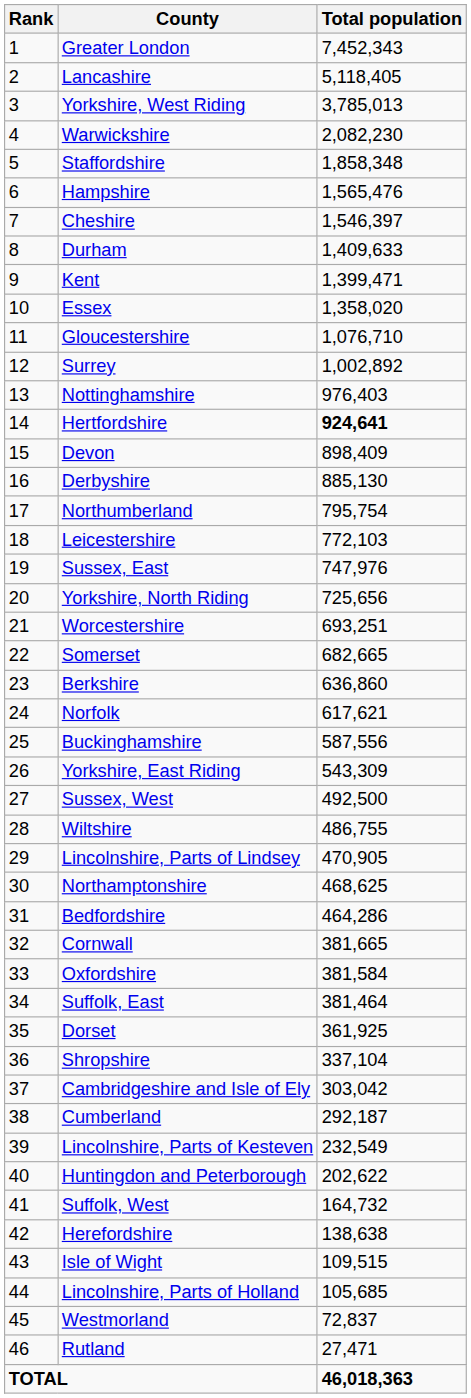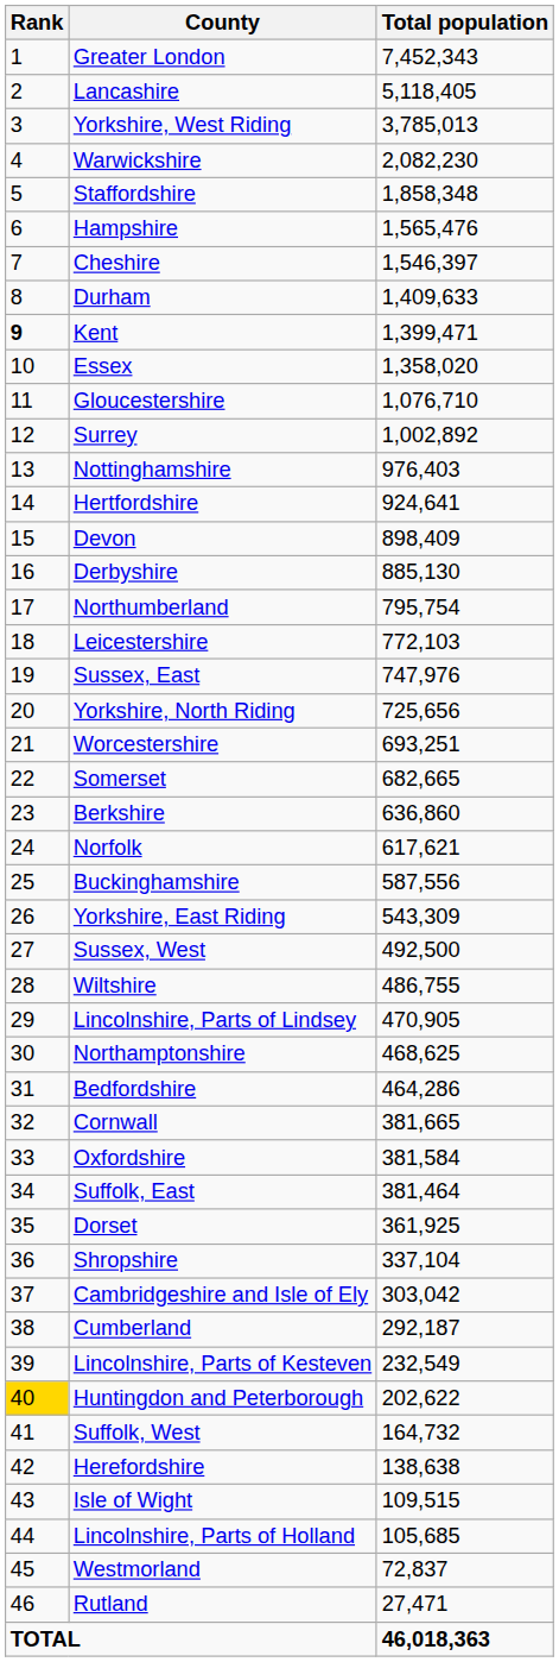 <table class="wikitable">
 <tr>
 <th>Rank</th>
 <th>County</th>
 <th>Total population</th>
 </tr>
 <tr>
 <td>1</td>
 <td><a href='#'>Greater London</a></td>
 <td>7,452,343</td>
 </tr>
 <tr>
 <td>2</td>
 <td><a href='#'>Lancashire</a></td>
 <td>5,118,405</td>
 </tr>
 <tr>
 <td>3</td>
 <td><a href='#'>Yorkshire, West Riding</a></td>
 <td>3,785,013</td>
 </tr>
 <tr>
 <td>4</td>
 <td><a href='#'>Warwickshire</a></td>
 <td>2,082,230</td>
 </tr>
 <tr>
 <td>5</td>
 <td><a href='#'>Staffordshire</a></td>
 <td>1,858,348</td>
 </tr>
 <tr>
 <td>6</td>
 <td><a href='#'>Hampshire</a></td>
 <td>1,565,476</td>
 </tr>
 <tr>
 <td>7</td>
 <td><a href='#'>Cheshire</a></td>
 <td>1,546,397</td>
 </tr>
 <tr>
 <td>8</td>
 <td><a href='#'>Durham</a></td>
 <td>1,409,633</td>
 </tr>
 <tr>
-<td>9</td>
+<td><strong>9</strong></td>
 <td><a href='#'>Kent</a></td>
 <td>1,399,471</td>
 </tr>
 <tr>
 <td>10</td>
 <td><a href='#'>Essex</a></td>
 <td>1,358,020</td>
 </tr>
 <tr>
 <td>11</td>
 <td><a href='#'>Gloucestershire</a></td>
 <td>1,076,710</td>
 </tr>
 <tr>
 <td>12</td>
 <td><a href='#'>Surrey</a></td>
 <td>1,002,892</td>
 </tr>
 <tr>
 <td>13</td>
 <td><a href='#'>Nottinghamshire</a></td>
 <td>976,403</td>
 </tr>
 <tr>
 <td>14</td>
 <td><a href='#'>Hertfordshire</a></td>
-<td><strong>924,641</strong></td>
+<td>924,641</td>
 </tr>
 <tr>
 <td>15</td>
 <td><a href='#'>Devon</a></td>
 <td>898,409</td>
 </tr>
 <tr>
 <td>16</td>
 <td><a href='#'>Derbyshire</a></td>
 <td>885,130</td>
 </tr>
 <tr>
 <td>17</td>
 <td><a href='#'>Northumberland</a></td>
 <td>795,754</td>
 </tr>
 <tr>
 <td>18</td>
 <td><a href='#'>Leicestershire</a></td>
 <td>772,103</td>
 </tr>
 <tr>
 <td>19</td>
 <td><a href='#'>Sussex, East</a></td>
 <td>747,976</td>
 </tr>
 <tr>
 <td>20</td>
 <td><a href='#'>Yorkshire, North Riding</a></td>
 <td>725,656</td>
 </tr>
 <tr>
 <td>21</td>
 <td><a href='#'>Worcestershire</a></td>
 <td>693,251</td>
 </tr>
 <tr>
 <td>22</td>
 <td><a href='#'>Somerset</a></td>
 <td>682,665</td>
 </tr>
 <tr>
 <td>23</td>
 <td><a href='#'>Berkshire</a></td>
 <td>636,860</td>
 </tr>
 <tr>
 <td>24</td>
 <td><a href='#'>Norfolk</a></td>
 <td>617,621</td>
 </tr>
 <tr>
 <td>25</td>
 <td><a href='#'>Buckinghamshire</a></td>
 <td>587,556</td>
 </tr>
 <tr>
 <td>26</td>
 <td><a href='#'>Yorkshire, East Riding</a></td>
 <td>543,309</td>
 </tr>
 <tr>
 <td>27</td>
 <td><a href='#'>Sussex, West</a></td>
 <td>492,500</td>
 </tr>
 <tr>
 <td>28</td>
 <td><a href='#'>Wiltshire</a></td>
 <td>486,755</td>
 </tr>
 <tr>
 <td>29</td>
 <td><a href='#'>Lincolnshire, Parts of Lindsey</a></td>
 <td>470,905</td>
 </tr>
 <tr>
 <td>30</td>
 <td><a href='#'>Northamptonshire</a></td>
 <td>468,625</td>
 </tr>
 <tr>
 <td>31</td>
 <td><a href='#'>Bedfordshire</a></td>
 <td>464,286</td>
 </tr>
 <tr>
 <td>32</td>
 <td><a href='#'>Cornwall</a></td>
 <td>381,665</td>
 </tr>
 <tr>
 <td>33</td>
 <td><a href='#'>Oxfordshire</a></td>
 <td>381,584</td>
 </tr>
 <tr>
 <td>34</td>
 <td><a href='#'>Suffolk, East</a></td>
 <td>381,464</td>
 </tr>
 <tr>
 <td>35</td>
 <td><a href='#'>Dorset</a></td>
 <td>361,925</td>
 </tr>
 <tr>
 <td>36</td>
 <td><a href='#'>Shropshire</a></td>
 <td>337,104</td>
 </tr>
 <tr>
 <td>37</td>
 <td><a href='#'>Cambridgeshire and Isle of Ely</a></td>
 <td>303,042</td>
 </tr>
 <tr>
 <td>38</td>
 <td><a href='#'>Cumberland</a></td>
 <td>292,187</td>
 </tr>
 <tr>
 <td>39</td>
 <td><a href='#'>Lincolnshire, Parts of Kesteven</a></td>
 <td>232,549</td>
 </tr>
 <tr>
-<td>40</td>
+<td style="background: gold;">40</td>
 <td><a href='#'>Huntingdon and Peterborough</a></td>
 <td>202,622</td>
 </tr>
 <tr>
 <td>41</td>
 <td><a href='#'>Suffolk, West</a></td>
 <td>164,732</td>
 </tr>
 <tr>
 <td>42</td>
 <td><a href='#'>Herefordshire</a></td>
 <td>138,638</td>
 </tr>
 <tr>
 <td>43</td>
 <td><a href='#'>Isle of Wight</a></td>
 <td>109,515</td>
 </tr>
 <tr>
 <td>44</td>
 <td><a href='#'>Lincolnshire, Parts of Holland</a></td>
 <td>105,685</td>
 </tr>
 <tr>
 <td>45</td>
 <td><a href='#'>Westmorland</a></td>
 <td>72,837</td>
 </tr>
 <tr>
 <td>46</td>
 <td><a href='#'>Rutland</a></td>
 <td>27,471</td>
 </tr>
 <tr>
 <td colspan="2"><strong>TOTAL</strong></td>
 <td><strong>46,018,363</strong></td>
 </tr>
 </table>
